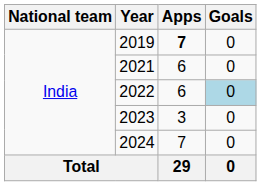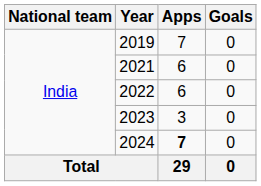 <table class="wikitable" style="text-align: center;">
 <tr>
 <th>National team</th>
 <th>Year</th>
 <th>Apps</th>
 <th>Goals</th>
 </tr>
 <tr>
 <td rowspan="5"><a href='#'>India</a></td>
 <td>2019</td>
-<td><strong>7</strong></td>
+<td>7</td>
 <td>0</td>
 </tr>
 <tr>
 <td>2021</td>
 <td>6</td>
 <td>0</td>
 </tr>
 <tr>
 <td>2022</td>
 <td>6</td>
-<td style="background: lightblue;">0</td>
+<td>0</td>
 </tr>
 <tr>
 <td>2023</td>
 <td>3</td>
 <td>0</td>
 </tr>
 <tr>
 <td>2024</td>
-<td>7</td>
+<td><strong>7</strong></td>
 <td>0</td>
 </tr>
 <tr>
 <th colspan="2">Total</th>
 <th>29</th>
 <th>0</th>
 </tr>
 </table>
